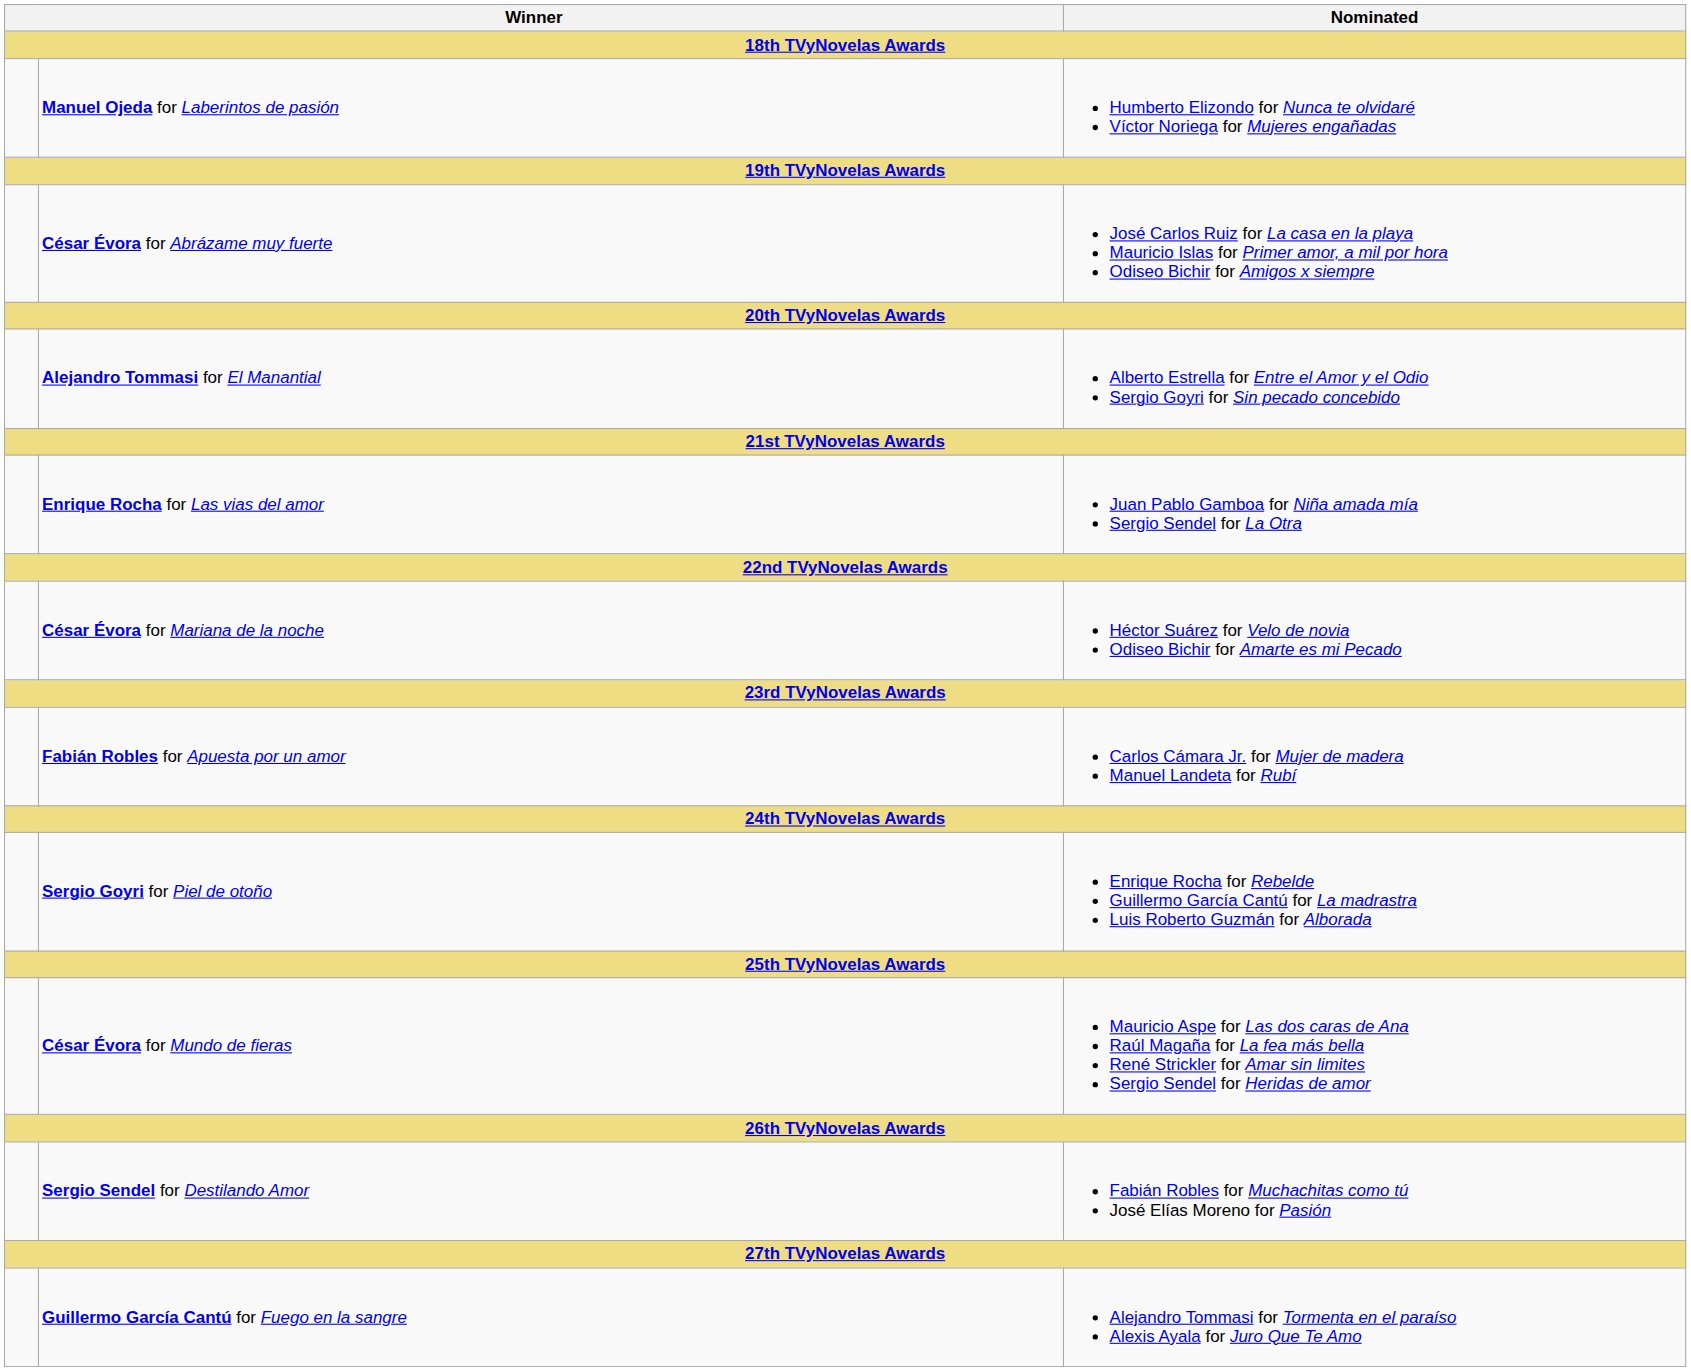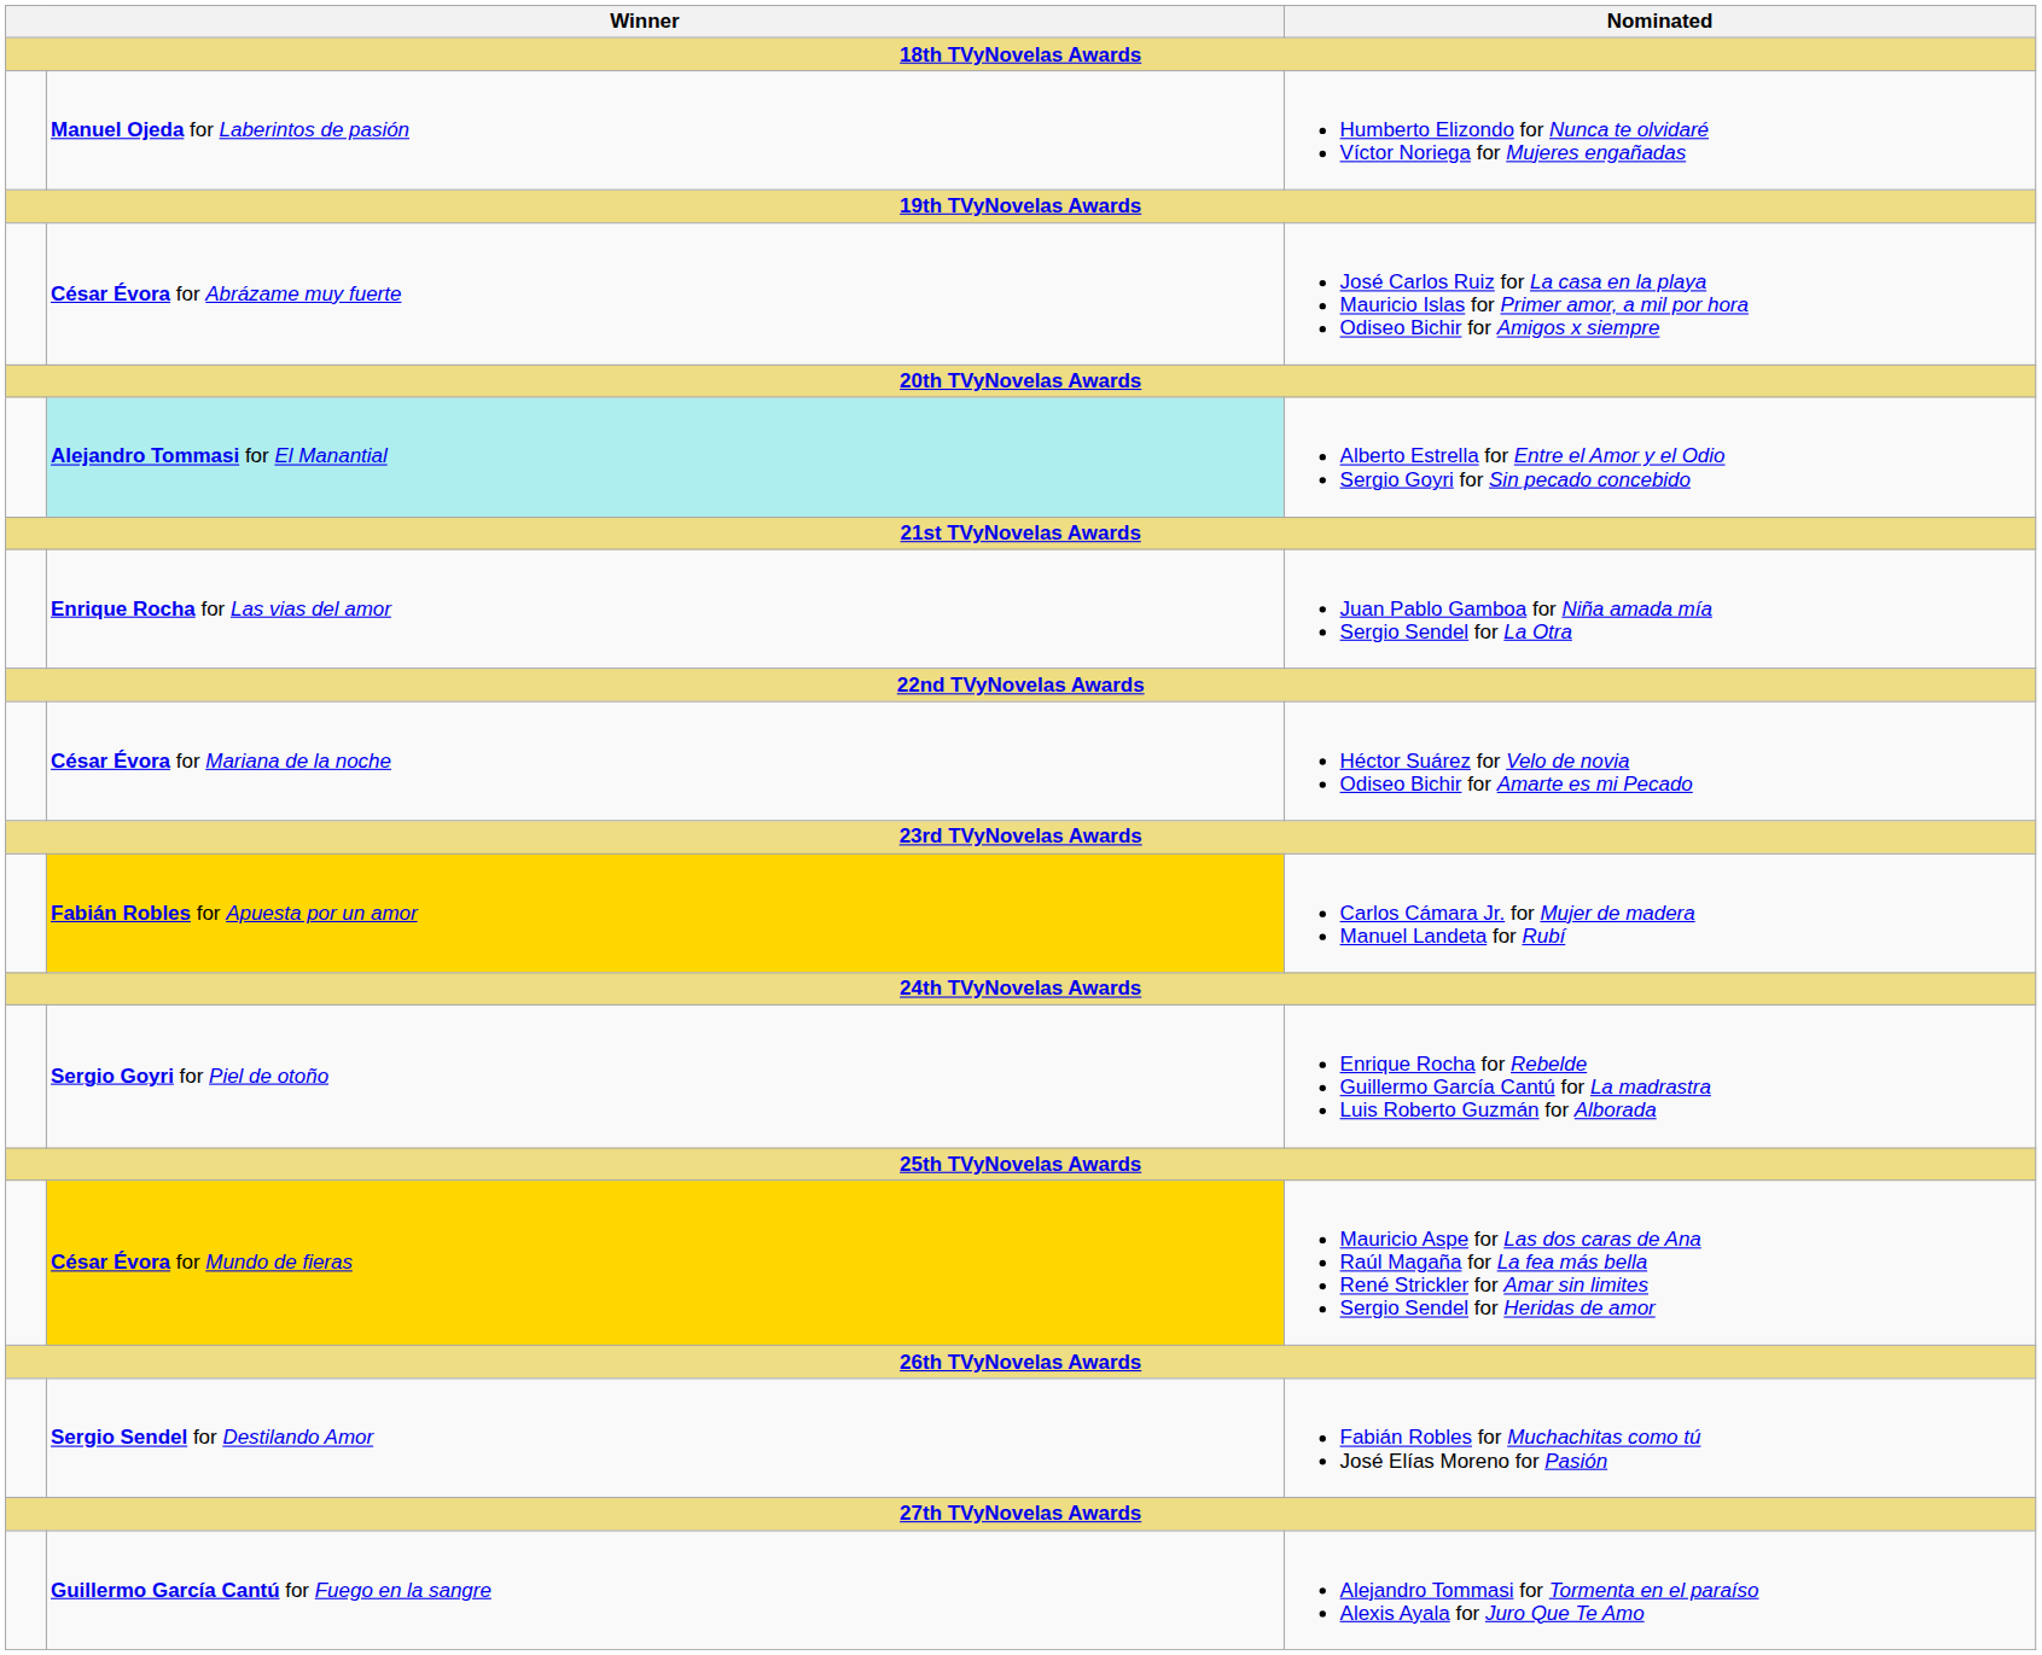 <table class="wikitable" width=80%>
 <tr align=center>
 <th width="150px;" colspan=2; align="center">Winner</th>
 <th width="580px;" align="center">Nominated</th>
 </tr>
 <tr>
 <th colspan=9 style="background:#EEDD82;"  align="center"><strong><a href='#'>18th TVyNovelas Awards</a></strong></th>
 </tr>
 <tr>
 <td width=2%></td>
 <td><strong><a href='#'>Manuel Ojeda</a></strong> for <em><a href='#'>Laberintos de pasión</a></em></td>
 <td><br><ul><li><a href='#'>Humberto Elizondo</a> for <em><a href='#'>Nunca te olvidaré</a></em></li><li><a href='#'>Víctor Noriega</a> for <em><a href='#'>Mujeres engañadas</a></em></li></ul></td>
 </tr>
 <tr>
 <th colspan=9 style="background:#EEDD82;"  align="center"><strong><a href='#'>19th TVyNovelas Awards</a></strong></th>
 </tr>
 <tr>
 <td width=2%></td>
 <td><strong><a href='#'>César Évora</a></strong> for <em><a href='#'>Abrázame muy fuerte</a></em></td>
 <td><br><ul><li><a href='#'>José Carlos Ruiz</a> for <em><a href='#'>La casa en la playa</a></em></li><li><a href='#'>Mauricio Islas</a> for <em><a href='#'>Primer amor, a mil por hora</a></em></li><li><a href='#'>Odiseo Bichir</a> for <em><a href='#'>Amigos x siempre</a></em></li></ul></td>
 </tr>
 <tr>
 <th colspan=9 style="background:#EEDD82;"  align="center"><strong><a href='#'>20th TVyNovelas Awards</a></strong></th>
 </tr>
 <tr>
 <td width=2%></td>
-<td><strong><a href='#'>Alejandro Tommasi</a></strong> for <em><a href='#'>El Manantial</a></em></td>
+<td style="background: paleturquoise;"><strong><a href='#'>Alejandro Tommasi</a></strong> for <em><a href='#'>El Manantial</a></em></td>
 <td><br><ul><li><a href='#'>Alberto Estrella</a> for <em><a href='#'>Entre el Amor y el Odio</a></em></li><li><a href='#'>Sergio Goyri</a> for <em><a href='#'>Sin pecado concebido</a></em></li></ul></td>
 </tr>
 <tr>
 <th colspan=9 style="background:#EEDD82;"  align="center"><strong><a href='#'>21st TVyNovelas Awards</a></strong></th>
 </tr>
 <tr>
 <td width=2%></td>
 <td><strong><a href='#'>Enrique Rocha</a></strong> for <em><a href='#'>Las vias del amor</a></em></td>
 <td><br><ul><li><a href='#'>Juan Pablo Gamboa</a> for <em><a href='#'>Niña amada mía</a></em></li><li><a href='#'>Sergio Sendel</a> for <em><a href='#'>La Otra</a></em></li></ul></td>
 </tr>
 <tr>
 <th colspan=9 style="background:#EEDD82;"  align="center"><strong><a href='#'>22nd TVyNovelas Awards</a></strong></th>
 </tr>
 <tr>
 <td width=2%></td>
 <td><strong><a href='#'>César Évora</a></strong> for <em><a href='#'>Mariana de la noche</a></em></td>
 <td><br><ul><li><a href='#'>Héctor Suárez</a> for <em><a href='#'>Velo de novia</a></em></li><li><a href='#'>Odiseo Bichir</a> for <em><a href='#'>Amarte es mi Pecado</a></em></li></ul></td>
 </tr>
 <tr>
 <th colspan=9 style="background:#EEDD82;"  align="center"><strong><a href='#'>23rd TVyNovelas Awards</a></strong></th>
 </tr>
 <tr>
 <td width=2%></td>
-<td><strong><a href='#'>Fabián Robles</a></strong> for <em><a href='#'>Apuesta por un amor</a></em></td>
+<td style="background: gold;"><strong><a href='#'>Fabián Robles</a></strong> for <em><a href='#'>Apuesta por un amor</a></em></td>
 <td><br><ul><li><a href='#'>Carlos Cámara Jr.</a> for <em><a href='#'>Mujer de madera</a></em></li><li><a href='#'>Manuel Landeta</a> for <em><a href='#'>Rubí</a></em></li></ul></td>
 </tr>
 <tr>
 <th colspan=9 style="background:#EEDD82;"  align="center"><strong><a href='#'>24th TVyNovelas Awards</a></strong></th>
 </tr>
 <tr>
 <td width=2%></td>
 <td><strong><a href='#'>Sergio Goyri</a></strong> for <em><a href='#'>Piel de otoño</a></em></td>
 <td><br><ul><li><a href='#'>Enrique Rocha</a> for <em><a href='#'>Rebelde</a></em></li><li><a href='#'>Guillermo García Cantú</a> for <em><a href='#'>La madrastra</a></em></li><li><a href='#'>Luis Roberto Guzmán</a> for <em><a href='#'>Alborada</a></em></li></ul></td>
 </tr>
 <tr>
 <th colspan=9 style="background:#EEDD82;"  align="center"><strong><a href='#'>25th TVyNovelas Awards</a></strong></th>
 </tr>
 <tr>
 <td width=2%></td>
-<td><strong><a href='#'>César Évora</a></strong> for <em><a href='#'>Mundo de fieras</a></em></td>
+<td style="background: gold;"><strong><a href='#'>César Évora</a></strong> for <em><a href='#'>Mundo de fieras</a></em></td>
 <td><br><ul><li><a href='#'>Mauricio Aspe</a> for <em><a href='#'>Las dos caras de Ana</a></em></li><li><a href='#'>Raúl Magaña</a> for <em><a href='#'>La fea más bella</a></em></li><li><a href='#'>René Strickler</a> for <em><a href='#'>Amar sin limites</a></em></li><li><a href='#'>Sergio Sendel</a> for <em><a href='#'>Heridas de amor</a></em></li></ul></td>
 </tr>
 <tr>
 <th colspan=9 style="background:#EEDD82;"  align="center"><strong><a href='#'>26th TVyNovelas Awards</a></strong></th>
 </tr>
 <tr>
 <td width=2%></td>
 <td><strong><a href='#'>Sergio Sendel</a></strong> for <em><a href='#'>Destilando Amor</a></em></td>
 <td><br><ul><li><a href='#'>Fabián Robles</a> for <em><a href='#'>Muchachitas como tú</a></em></li><li>José Elías Moreno for <em><a href='#'>Pasión</a></em></li></ul></td>
 </tr>
 <tr>
 <th colspan=9 style="background:#EEDD82;"  align="center"><strong><a href='#'>27th TVyNovelas Awards</a></strong></th>
 </tr>
 <tr>
 <td width=2%></td>
 <td><strong><a href='#'>Guillermo García Cantú</a></strong> for <em><a href='#'>Fuego en la sangre</a></em></td>
 <td><br><ul><li><a href='#'>Alejandro Tommasi</a> for <em><a href='#'>Tormenta en el paraíso</a></em></li><li><a href='#'>Alexis Ayala</a> for <em><a href='#'>Juro Que Te Amo</a></em></li></ul></td>
 </tr>
 </table>
